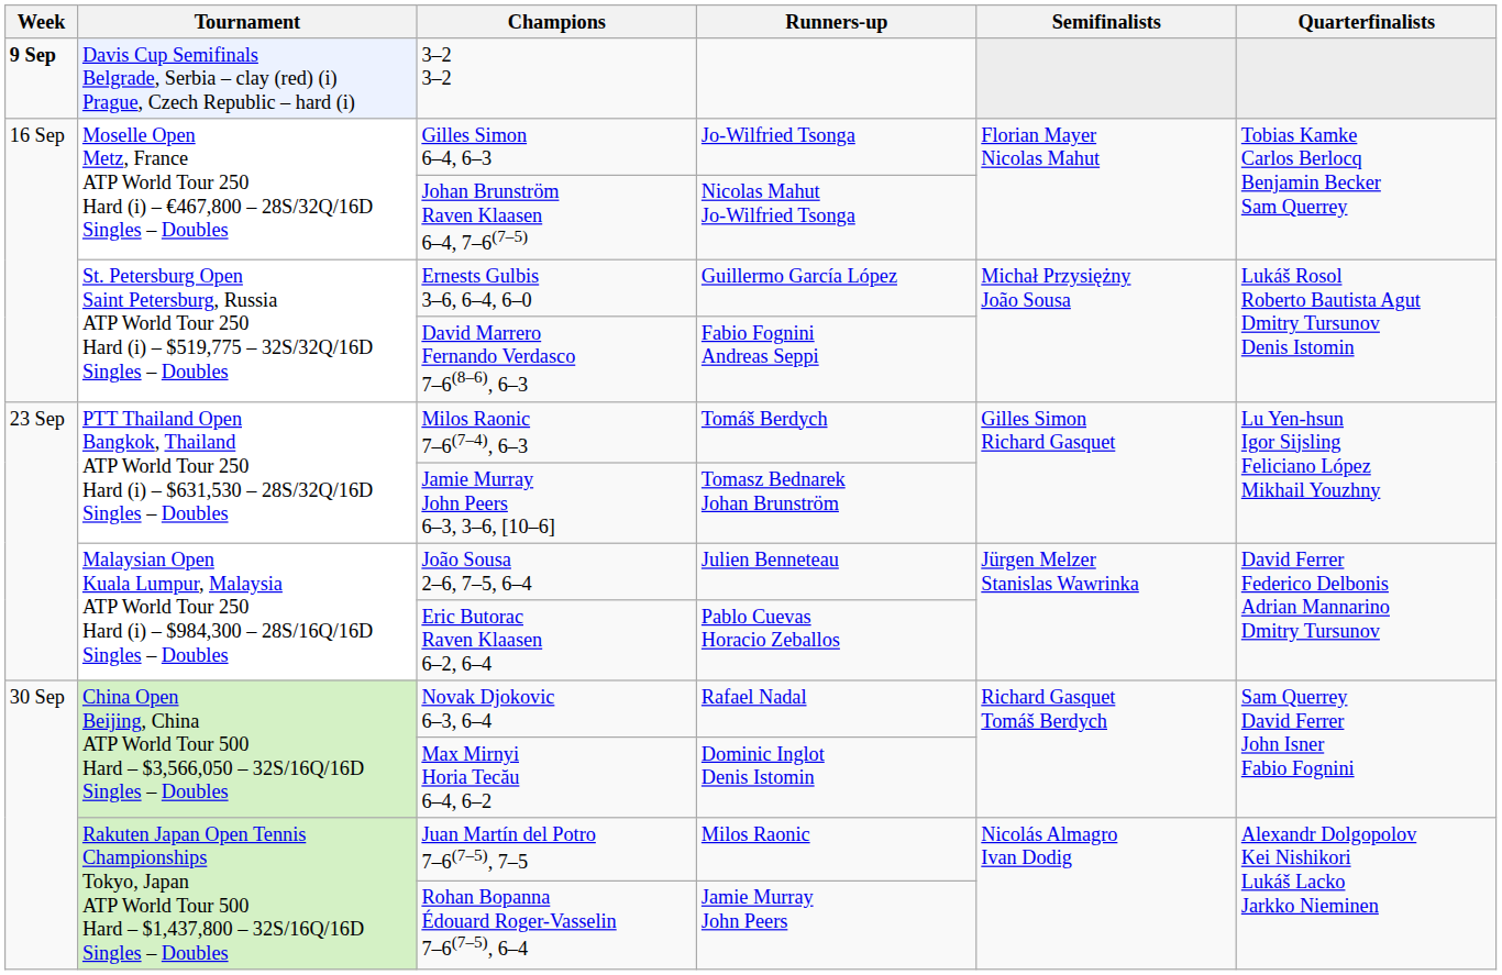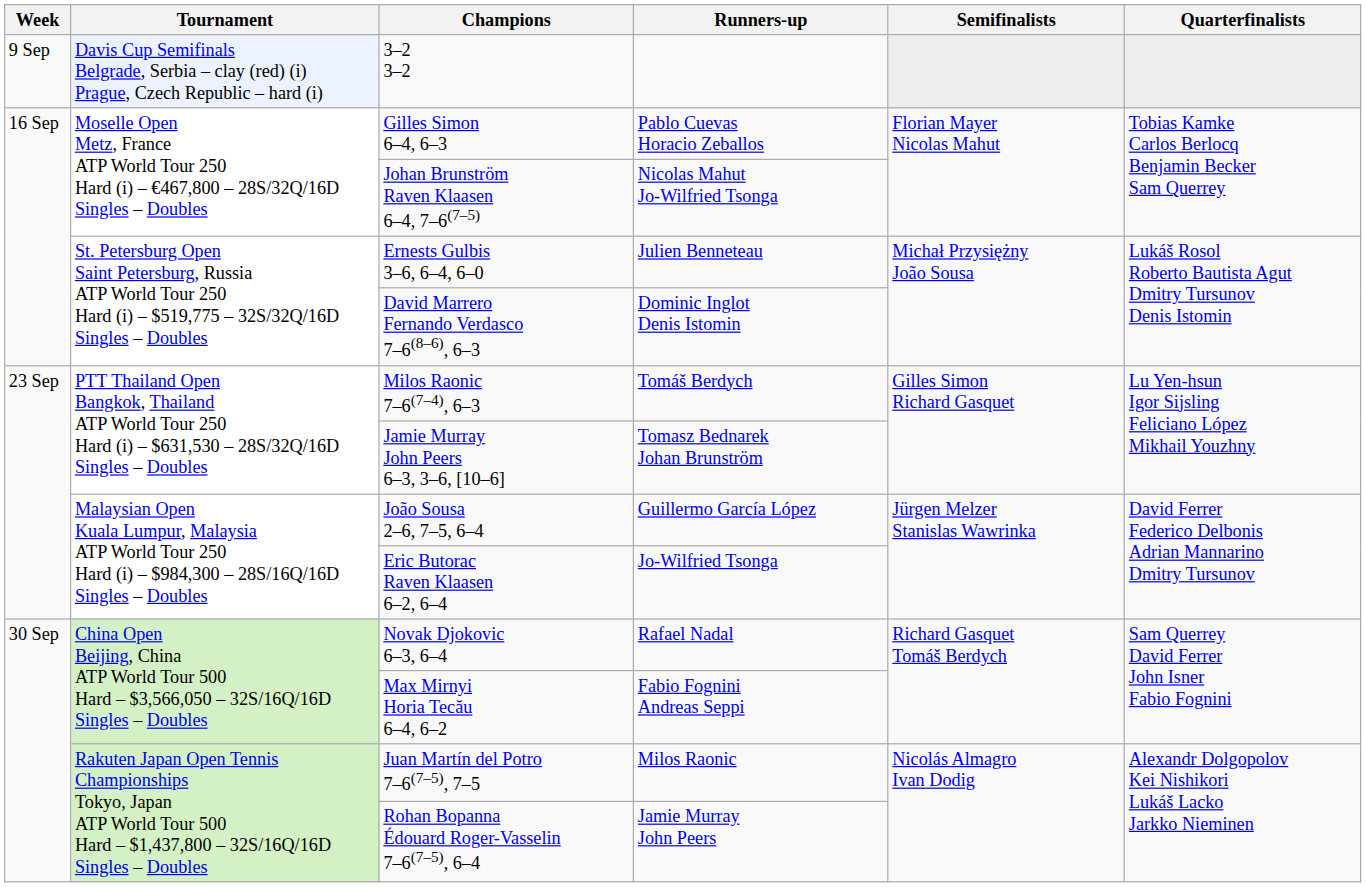 <table class=wikitable style=font-size:95%>
 <tr>
 <th style="width:48px;">Week</th>
 <th style="width:250px;">Tournament</th>
 <th style="width:205px;">Champions</th>
 <th style="width:205px;">Runners-up</th>
 <th style="width:190px;">Semifinalists</th>
 <th style="width:190px;">Quarterfinalists</th>
 </tr>
 <tr valign="top">
-<td><strong>9 Sep</strong></td>
+<td>9 Sep</td>
 <td bgcolor="#ECF2FF"><a href='#'>Davis Cup Semifinals</a><br> <a href='#'>Belgrade</a>, Serbia – clay (red) (i) <br> <a href='#'>Prague</a>, Czech Republic – hard (i)</td>
 <td>  3–2 <br>  3–2</td>
 <td>  <br> </td>
 <td bgcolor="#ededed"></td>
 <td bgcolor="#ededed"></td>
 </tr>
 <tr valign="top">
 <td rowspan="4">16 Sep</td>
 <td bgcolor="#ffffff" rowspan="2"><a href='#'>Moselle Open</a><br>   <a href='#'>Metz</a>, France<br>ATP World Tour 250<br>Hard (i) – €467,800 – 28S/32Q/16D<br><a href='#'>Singles</a> – <a href='#'>Doubles</a></td>
 <td> <a href='#'>Gilles Simon</a><br>6–4, 6–3</td>
-<td> <a href='#'>Jo-Wilfried Tsonga</a></td>
+<td> <a href='#'>Pablo Cuevas</a><br> <a href='#'>Horacio Zeballos</a></td>
 <td rowspan="2"> <a href='#'>Florian Mayer</a> <br> <a href='#'>Nicolas Mahut</a></td>
 <td rowspan="2"> <a href='#'>Tobias Kamke</a><br> <a href='#'>Carlos Berlocq</a> <br>  <a href='#'>Benjamin Becker</a><br> <a href='#'>Sam Querrey</a></td>
 </tr>
 <tr valign="top">
 <td> <a href='#'>Johan Brunström</a><br> <a href='#'>Raven Klaasen</a><br>6–4, 7–6<sup>(7–5)</sup></td>
 <td> <a href='#'>Nicolas Mahut</a><br> <a href='#'>Jo-Wilfried Tsonga</a></td>
 </tr>
 <tr valign="top">
 <td bgcolor="#ffffff" rowspan="2"><a href='#'>St. Petersburg Open</a><br>  <a href='#'>Saint Petersburg</a>, Russia<br>ATP World Tour 250<br>Hard (i) – $519,775 – 32S/32Q/16D<br><a href='#'>Singles</a> – <a href='#'>Doubles</a></td>
 <td> <a href='#'>Ernests Gulbis</a><br>3–6, 6–4, 6–0</td>
-<td> <a href='#'>Guillermo García López</a></td>
+<td> <a href='#'>Julien Benneteau</a></td>
 <td rowspan="2"> <a href='#'>Michał Przysiężny</a> <br> <a href='#'>João Sousa</a></td>
 <td rowspan="2"> <a href='#'>Lukáš Rosol</a><br> <a href='#'>Roberto Bautista Agut</a><br> <a href='#'>Dmitry Tursunov</a><br> <a href='#'>Denis Istomin</a></td>
 </tr>
 <tr valign="top">
 <td> <a href='#'>David Marrero</a><br> <a href='#'>Fernando Verdasco</a><br>7–6<sup>(8–6)</sup>, 6–3</td>
-<td> <a href='#'>Fabio Fognini</a><br> <a href='#'>Andreas Seppi</a></td>
+<td> <a href='#'>Dominic Inglot</a><br> <a href='#'>Denis Istomin</a></td>
 </tr>
 <tr valign="top">
 <td rowspan="4">23 Sep</td>
 <td bgcolor="#ffffff" rowspan="2"><a href='#'>PTT Thailand Open</a><br> <a href='#'>Bangkok</a>, <a href='#'>Thailand</a><br>ATP World Tour 250<br>Hard (i) – $631,530 – 28S/32Q/16D<br><a href='#'>Singles</a> – <a href='#'>Doubles</a></td>
 <td> <a href='#'>Milos Raonic</a><br>7–6<sup>(7–4)</sup>, 6–3</td>
 <td> <a href='#'>Tomáš Berdych</a></td>
 <td rowspan="2"> <a href='#'>Gilles Simon</a> <br>  <a href='#'>Richard Gasquet</a></td>
 <td rowspan="2"> <a href='#'>Lu Yen-hsun</a> <br>  <a href='#'>Igor Sijsling</a><br>  <a href='#'>Feliciano López</a><br> <a href='#'>Mikhail Youzhny</a></td>
 </tr>
 <tr valign="top">
 <td> <a href='#'>Jamie Murray</a><br> <a href='#'>John Peers</a><br>6–3, 3–6, [10–6]</td>
 <td> <a href='#'>Tomasz Bednarek</a><br> <a href='#'>Johan Brunström</a></td>
 </tr>
 <tr valign="top">
 <td bgcolor="#ffffff" rowspan="2"><a href='#'>Malaysian Open</a><br>  <a href='#'>Kuala Lumpur</a>, <a href='#'>Malaysia</a><br>ATP World Tour 250<br>Hard (i) – $984,300 – 28S/16Q/16D<br><a href='#'>Singles</a> – <a href='#'>Doubles</a></td>
 <td> <a href='#'>João Sousa</a><br>2–6, 7–5, 6–4</td>
-<td> <a href='#'>Julien Benneteau</a></td>
+<td> <a href='#'>Guillermo García López</a></td>
 <td rowspan="2"> <a href='#'>Jürgen Melzer</a><br>  <a href='#'>Stanislas Wawrinka</a></td>
 <td rowspan="2"> <a href='#'>David Ferrer</a> <br>  <a href='#'>Federico Delbonis</a><br>  <a href='#'>Adrian Mannarino</a><br> <a href='#'>Dmitry Tursunov</a></td>
 </tr>
 <tr valign="top">
 <td> <a href='#'>Eric Butorac</a><br> <a href='#'>Raven Klaasen</a><br>6–2, 6–4</td>
-<td> <a href='#'>Pablo Cuevas</a><br> <a href='#'>Horacio Zeballos</a></td>
+<td> <a href='#'>Jo-Wilfried Tsonga</a></td>
 </tr>
 <tr valign="top">
 <td rowspan="4">30 Sep</td>
 <td bgcolor="#D4F1C5" rowspan="2"><a href='#'>China Open</a><br>  <a href='#'>Beijing</a>, China<br>ATP World Tour 500<br>Hard – $3,566,050 – 32S/16Q/16D<br><a href='#'>Singles</a> – <a href='#'>Doubles</a></td>
 <td> <a href='#'>Novak Djokovic</a><br>6–3, 6–4</td>
 <td> <a href='#'>Rafael Nadal</a></td>
 <td rowspan="2"> <a href='#'>Richard Gasquet</a><br> <a href='#'>Tomáš Berdych</a></td>
 <td rowspan="2"> <a href='#'>Sam Querrey</a><br> <a href='#'>David Ferrer</a><br>  <a href='#'>John Isner</a><br>  <a href='#'>Fabio Fognini</a></td>
 </tr>
 <tr valign="top">
 <td> <a href='#'>Max Mirnyi</a><br> <a href='#'>Horia Tecău</a><br>6–4, 6–2</td>
-<td> <a href='#'>Dominic Inglot</a><br> <a href='#'>Denis Istomin</a></td>
+<td> <a href='#'>Fabio Fognini</a><br> <a href='#'>Andreas Seppi</a></td>
 </tr>
 <tr valign="top">
 <td bgcolor="#D4F1C5" rowspan="2"><a href='#'>Rakuten Japan Open Tennis Championships</a><br>   Tokyo, Japan<br>ATP World Tour 500<br>Hard – $1,437,800 – 32S/16Q/16D<br><a href='#'>Singles</a> – <a href='#'>Doubles</a></td>
 <td> <a href='#'>Juan Martín del Potro</a><br>7–6<sup>(7–5)</sup>, 7–5</td>
 <td> <a href='#'>Milos Raonic</a></td>
 <td rowspan="2"> <a href='#'>Nicolás Almagro</a><br> <a href='#'>Ivan Dodig</a></td>
 <td rowspan="2"> <a href='#'>Alexandr Dolgopolov</a><br> <a href='#'>Kei Nishikori</a> <br>  <a href='#'>Lukáš Lacko</a><br> <a href='#'>Jarkko Nieminen</a></td>
 </tr>
 <tr valign="top">
 <td> <a href='#'>Rohan Bopanna</a><br> <a href='#'>Édouard Roger-Vasselin</a><br>7–6<sup>(7–5)</sup>, 6–4</td>
 <td> <a href='#'>Jamie Murray</a><br> <a href='#'>John Peers</a></td>
 </tr>
 </table>
